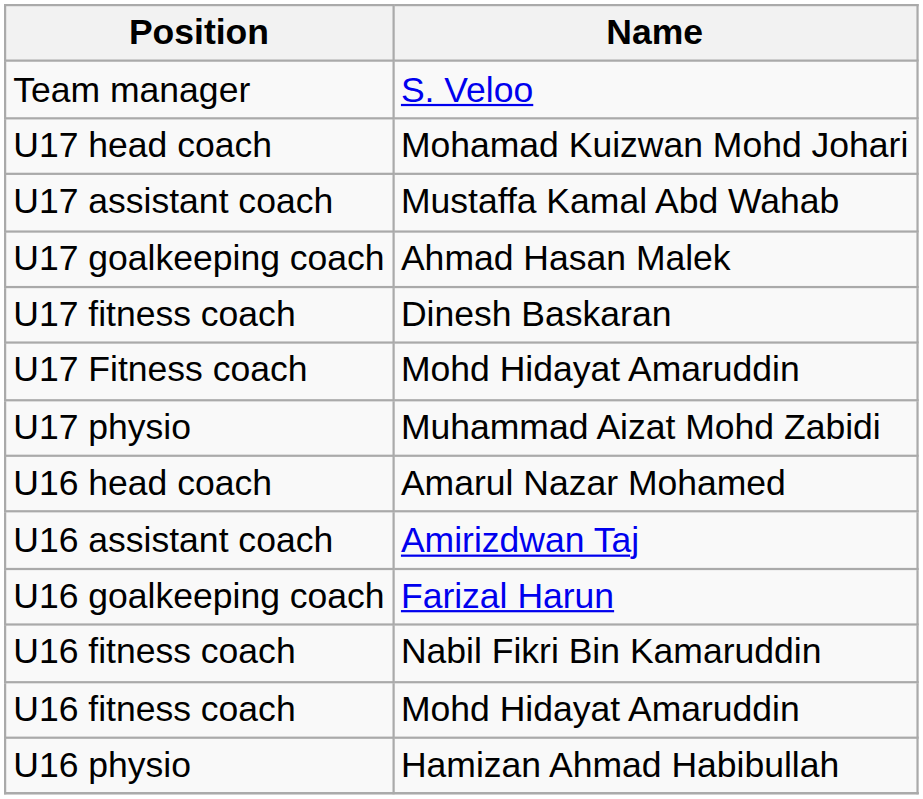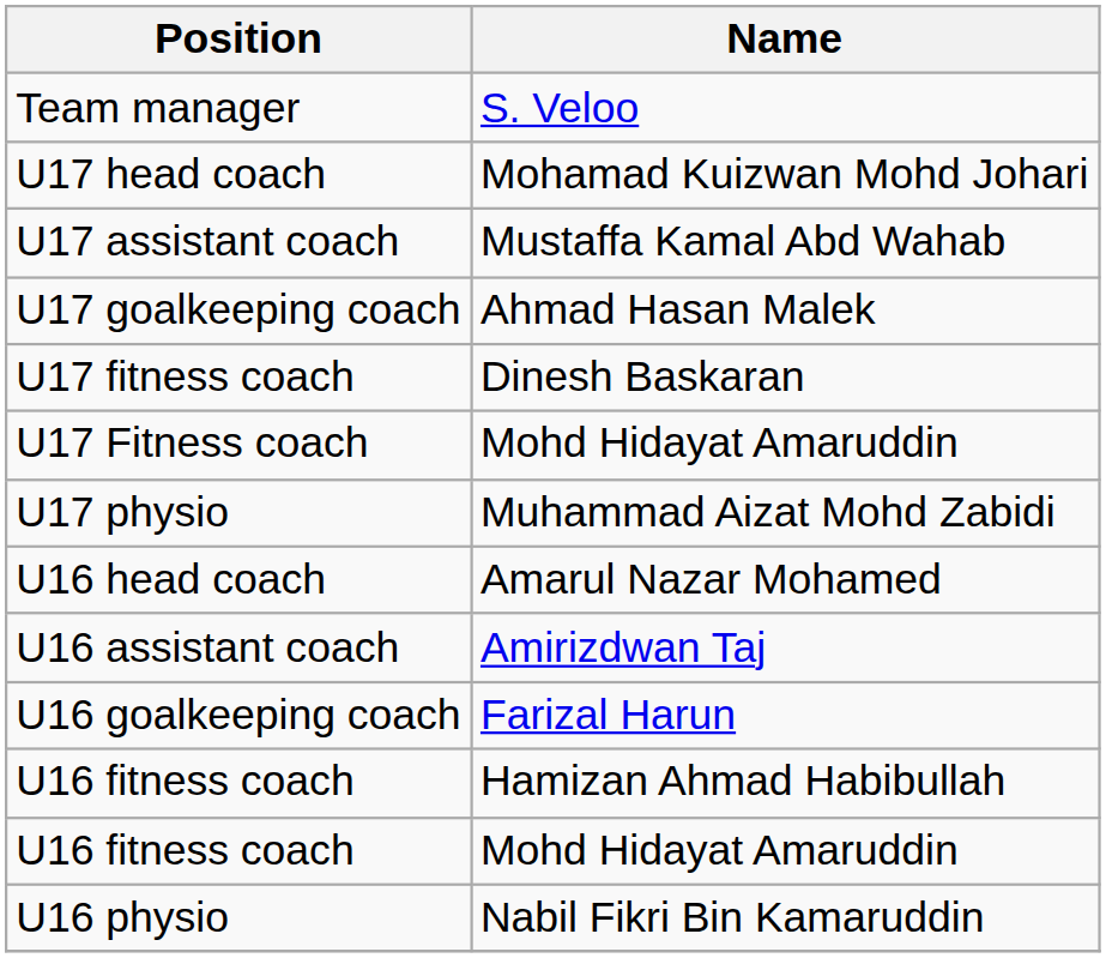 <table class="wikitable">
 <tr>
 <th>Position</th>
 <th>Name</th>
 </tr>
 <tr>
 <td>Team manager</td>
 <td> <a href='#'>S. Veloo</a></td>
 </tr>
 <tr>
 <td>U17 head coach</td>
 <td> Mohamad Kuizwan Mohd Johari</td>
 </tr>
 <tr>
 <td>U17 assistant coach</td>
 <td> Mustaffa Kamal Abd Wahab</td>
 </tr>
 <tr>
 <td>U17 goalkeeping coach</td>
 <td> Ahmad Hasan Malek</td>
 </tr>
 <tr>
 <td>U17 fitness coach</td>
 <td> Dinesh Baskaran</td>
 </tr>
 <tr>
 <td>U17 Fitness coach</td>
 <td> Mohd Hidayat Amaruddin</td>
 </tr>
 <tr>
 <td>U17 physio</td>
 <td> Muhammad Aizat Mohd Zabidi</td>
 </tr>
 <tr>
 <td>U16 head coach</td>
 <td> Amarul Nazar Mohamed</td>
 </tr>
 <tr>
 <td>U16 assistant coach</td>
 <td> <a href='#'>Amirizdwan Taj</a></td>
 </tr>
 <tr>
 <td>U16 goalkeeping coach</td>
 <td> <a href='#'>Farizal Harun</a></td>
 </tr>
 <tr>
 <td>U16 fitness coach</td>
-<td> Nabil Fikri Bin Kamaruddin</td>
+<td> Hamizan Ahmad Habibullah</td>
 </tr>
 <tr>
 <td>U16 fitness coach</td>
 <td> Mohd Hidayat Amaruddin</td>
 </tr>
 <tr>
 <td>U16 physio</td>
-<td> Hamizan Ahmad Habibullah</td>
+<td> Nabil Fikri Bin Kamaruddin</td>
 </tr>
 <tr>
 </tr>
 </table>
